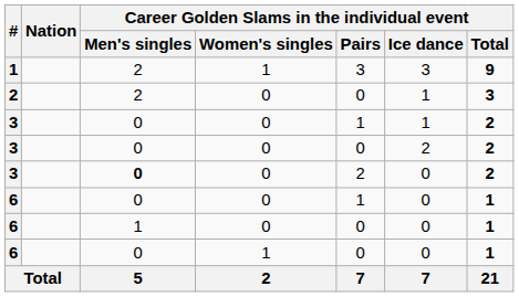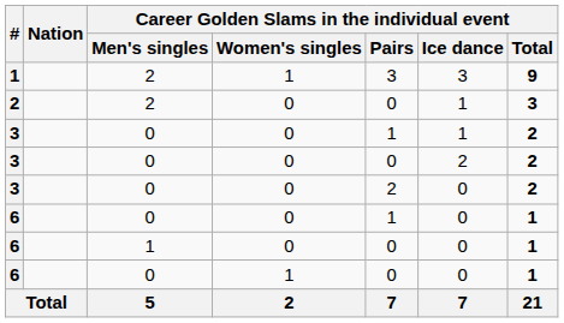 <table class="wikitable sortable" style="text-align: center;">
 <tr>
 <th rowspan="2">#</th>
 <th rowspan="2">Nation</th>
 <th colspan="5">Career Golden Slams in the individual event</th>
 </tr>
 <tr>
 <th>Men's singles</th>
 <th>Women's singles</th>
 <th>Pairs</th>
 <th>Ice dance</th>
 <th>Total</th>
 </tr>
 <tr>
 <th>1</th>
 <td></td>
 <td>2</td>
 <td>1</td>
 <td>3</td>
 <td>3</td>
 <td><strong>9</strong></td>
 </tr>
 <tr>
 <th>2</th>
 <td></td>
 <td>2</td>
 <td>0</td>
 <td>0</td>
 <td>1</td>
 <td><strong>3</strong></td>
 </tr>
 <tr>
 <th>3</th>
 <td></td>
 <td>0</td>
 <td>0</td>
 <td>1</td>
 <td>1</td>
 <td><strong>2</strong></td>
 </tr>
 <tr>
 <th>3</th>
 <td></td>
 <td>0</td>
 <td>0</td>
 <td>0</td>
 <td>2</td>
 <td><strong>2</strong></td>
 </tr>
 <tr>
 <th>3</th>
 <td></td>
-<td><strong>0</strong></td>
+<td>0</td>
 <td>0</td>
 <td>2</td>
 <td>0</td>
 <td><strong>2</strong></td>
 </tr>
 <tr>
 <th>6</th>
 <td></td>
 <td>0</td>
 <td>0</td>
 <td>1 </td>
 <td>0</td>
 <td><strong>1</strong></td>
 </tr>
 <tr>
 <th>6</th>
 <td></td>
 <td>1</td>
 <td>0</td>
 <td>0</td>
 <td>0</td>
 <td><strong>1</strong></td>
 </tr>
 <tr>
 <th>6</th>
 <td></td>
 <td>0</td>
 <td>1</td>
 <td>0</td>
 <td>0</td>
 <td><strong>1</strong></td>
 </tr>
 <tr class="sortbottom">
 <th colspan="2">Total</th>
 <th>5</th>
 <th>2</th>
 <th>7</th>
 <th>7</th>
 <th>21</th>
 </tr>
 </table>
